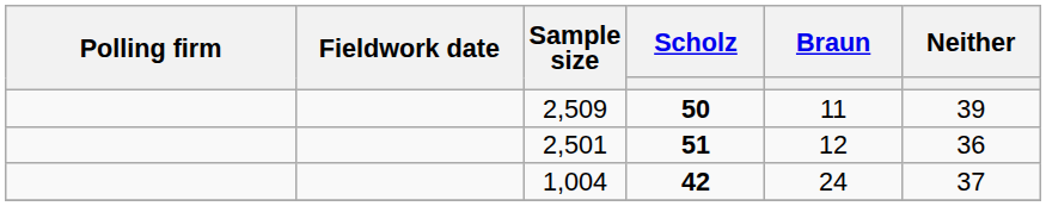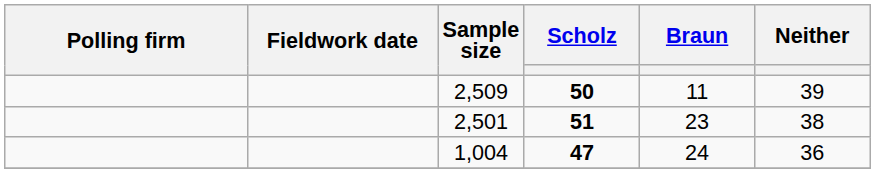 <table class="wikitable sortable mw-datatable" style="text-align:center;font-size:90%;line-height:14px;">
 <tr style="height:40px;">
 <th style="width:155px;" rowspan="2">Polling firm</th>
 <th style="width:120px;" rowspan="2">Fieldwork date</th>
 <th style="width: 35px;" rowspan="2">Sample<br>size</th>
 <th class="unsortable" style="width:70px;"><a href='#'>Scholz</a><br></th>
 <th class="unsortable" style="width:70px;"><a href='#'>Braun</a><br></th>
 <th class="unsortable" style="width:70px;">Neither</th>
 </tr>
 <tr>
 <th style="background:"></th>
 <th style="background:"></th>
 <th style="background:"></th>
 </tr>
 <tr>
 <td></td>
 <td></td>
 <td>2,509</td>
 <td><strong>50</strong></td>
 <td>11</td>
 <td>39</td>
 </tr>
 <tr>
 <td></td>
 <td></td>
 <td>2,501</td>
 <td><strong>51</strong></td>
-<td>12</td>
-<td>36</td>
+<td>23</td>
+<td>38</td>
 </tr>
 <tr>
 <td></td>
 <td></td>
 <td>1,004</td>
-<td><strong>42</strong></td>
+<td><strong>47</strong></td>
 <td>24</td>
-<td>37</td>
+<td>36</td>
 </tr>
 <tr>
 </tr>
 </table>
